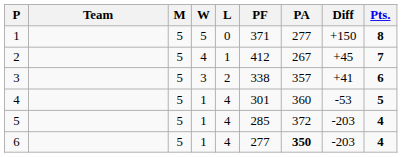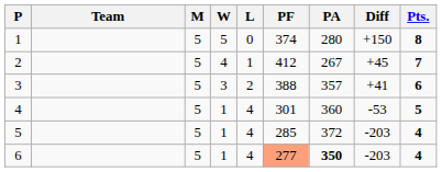 <table class=wikitable style="font-size:90%;">
 <tr align=center>
 <th width=20px>P</th>
 <th width=150px>Team</th>
 <th width=20px>M</th>
 <th width=20px>W</th>
 <th width=20px>L</th>
 <th width=40px>PF</th>
 <th width=40px>PA</th>
 <th width=40px>Diff</th>
 <th width=30px><a href='#'>Pts.</a></th>
 </tr>
 <tr align=center>
 <td>1</td>
 <td align=left></td>
 <td>5</td>
 <td>5</td>
 <td>0</td>
-<td>371</td>
-<td>277</td>
+<td>374</td>
+<td>280</td>
 <td>+150</td>
 <td><strong>8</strong></td>
 </tr>
 <tr align=center>
 <td>2</td>
 <td align=left></td>
 <td>5</td>
 <td>4</td>
 <td>1</td>
 <td>412</td>
 <td>267</td>
 <td>+45</td>
 <td><strong>7</strong></td>
 </tr>
 <tr align=center>
 <td>3</td>
 <td align=left></td>
 <td>5</td>
 <td>3</td>
 <td>2</td>
-<td>338</td>
+<td>388</td>
 <td>357</td>
 <td>+41</td>
 <td><strong>6</strong></td>
 </tr>
 <tr align=center>
 <td>4</td>
 <td align=left></td>
 <td>5</td>
 <td>1</td>
 <td>4</td>
 <td>301</td>
 <td>360</td>
 <td>-53</td>
 <td><strong>5</strong></td>
 </tr>
 <tr align=center>
 <td>5</td>
 <td align=left></td>
 <td>5</td>
 <td>1</td>
 <td>4</td>
 <td>285</td>
 <td>372</td>
 <td>-203</td>
 <td><strong>4</strong></td>
 </tr>
 <tr align=center>
 <td>6</td>
 <td align=left></td>
 <td>5</td>
 <td>1</td>
 <td>4</td>
-<td>277</td>
+<td style="background: lightsalmon;">277</td>
 <td><strong>350</strong></td>
 <td>-203</td>
 <td><strong>4</strong></td>
 </tr>
 </table>
